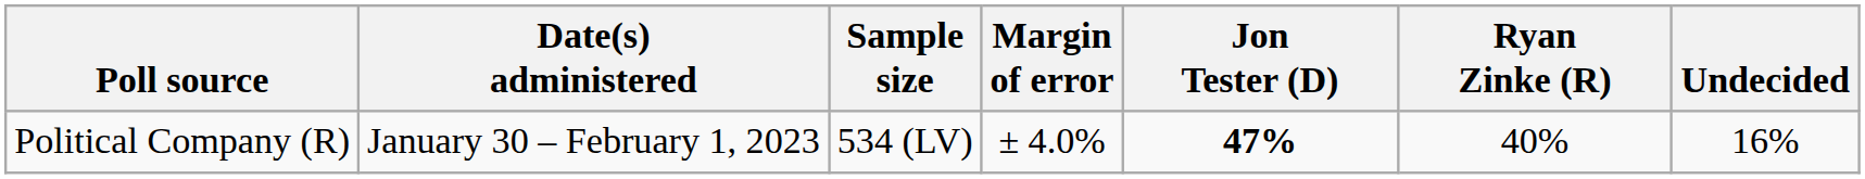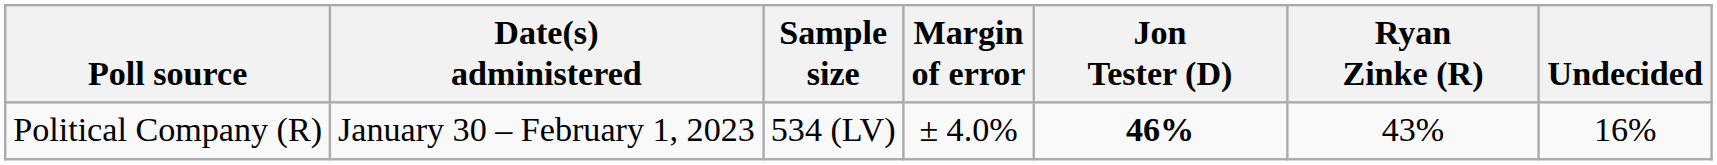 <table class="wikitable" style="font-size:90%;text-align:center;">
 <tr valign=bottom>
 <th>Poll source</th>
 <th>Date(s)<br>administered</th>
 <th>Sample<br>size</th>
 <th>Margin<br>of error</th>
 <th style="width:100px;">Jon<br>Tester (D)</th>
 <th style="width:100px;">Ryan<br>Zinke (R)</th>
 <th>Undecided</th>
 </tr>
 <tr>
 <td rowspan=2 style="text-align:left">Political Company (R)</td>
 <td rowspan=2>January 30 – February 1, 2023</td>
 <td rowspan=2>534 (LV)</td>
 <td rowspan=2>± 4.0%</td>
-<td><strong>47%</strong></td>
-<td>40%</td>
+<td><strong>46%</strong></td>
+<td>43%</td>
 <td>16%</td>
 </tr>
 </table>
